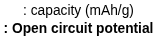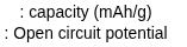 <table style="float: left; margin: 1em auto 1em auto">
 <tr>
 </tr>
 <tr>
 <td align="center"></td>
 </tr>
 <tr>
 <td align="center">: capacity (mAh/g)</td>
 </tr>
 <tr>
-<td align="center"><strong>: Open circuit potential</strong></td>
+<td align="center">: Open circuit potential</td>
 </tr>
 </table>
